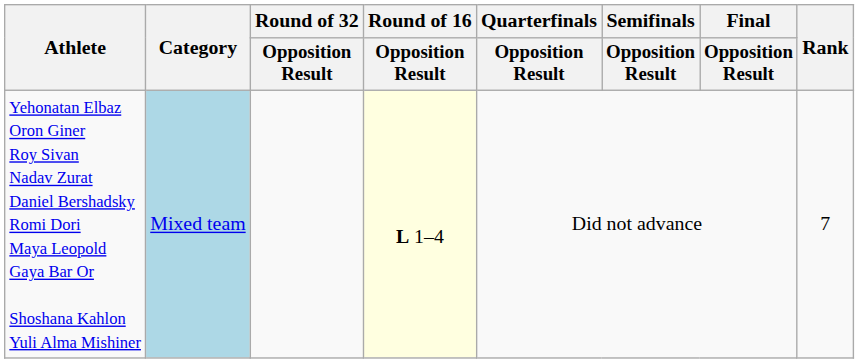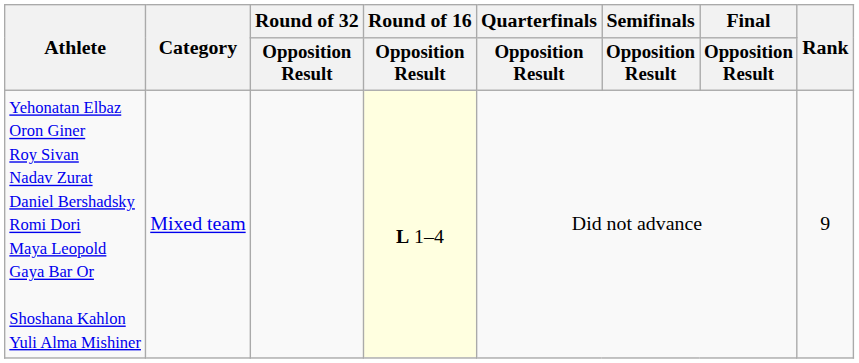 <table class="wikitable" style="text-align:center; font-size:90%">
 <tr>
 <th rowspan=2>Athlete</th>
 <th rowspan=2>Category</th>
 <th>Round of 32</th>
 <th>Round of 16</th>
 <th>Quarterfinals</th>
 <th>Semifinals</th>
 <th>Final</th>
 <th rowspan=2>Rank</th>
 </tr>
 <tr style="font-size:95%">
 <th>Opposition<br>Result</th>
 <th>Opposition<br>Result</th>
 <th>Opposition<br>Result</th>
 <th>Opposition<br>Result</th>
 <th>Opposition<br>Result</th>
 </tr>
 <tr>
 <td align=left><small><a href='#'>Yehonatan Elbaz</a><br><a href='#'>Oron Giner</a><br><a href='#'>Roy Sivan</a><br><a href='#'>Nadav Zurat</a><br><a href='#'>Daniel Bershadsky</a><br><a href='#'>Romi Dori</a><br><a href='#'>Maya Leopold</a><br><a href='#'>Gaya Bar Or</a><br><br><a href='#'>Shoshana Kahlon</a><br><a href='#'>Yuli Alma Mishiner</a></small></td>
-<td align=left style="background: lightblue;"><a href='#'>Mixed team</a></td>
+<td align=left><a href='#'>Mixed team</a></td>
 <td></td>
 <td style="background: lightyellow;"><br><strong>L</strong> 1–4</td>
 <td colspan=3>Did not advance</td>
-<td>7</td>
+<td>9</td>
 </tr>
 </table>
